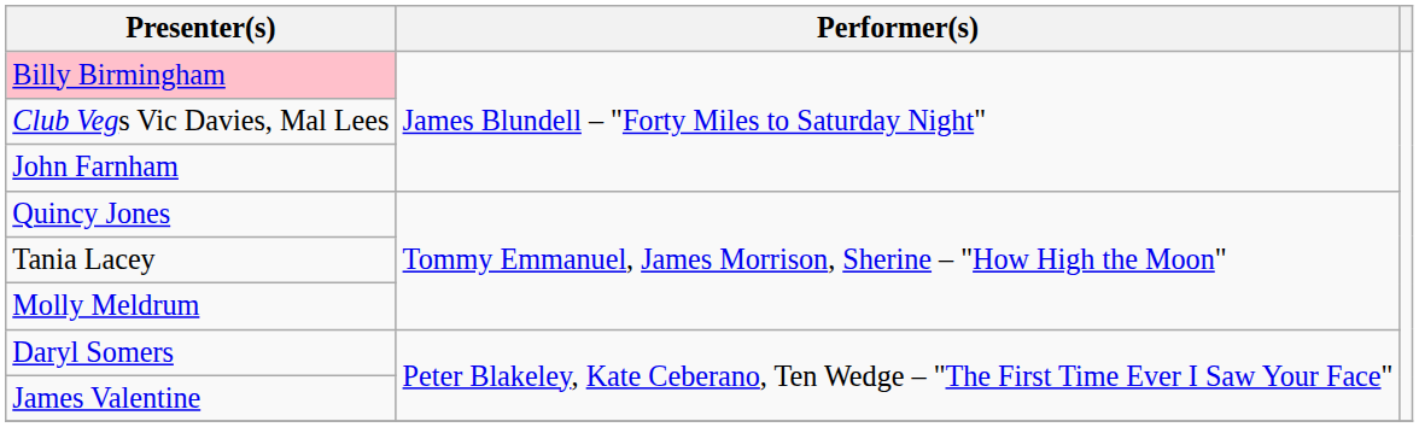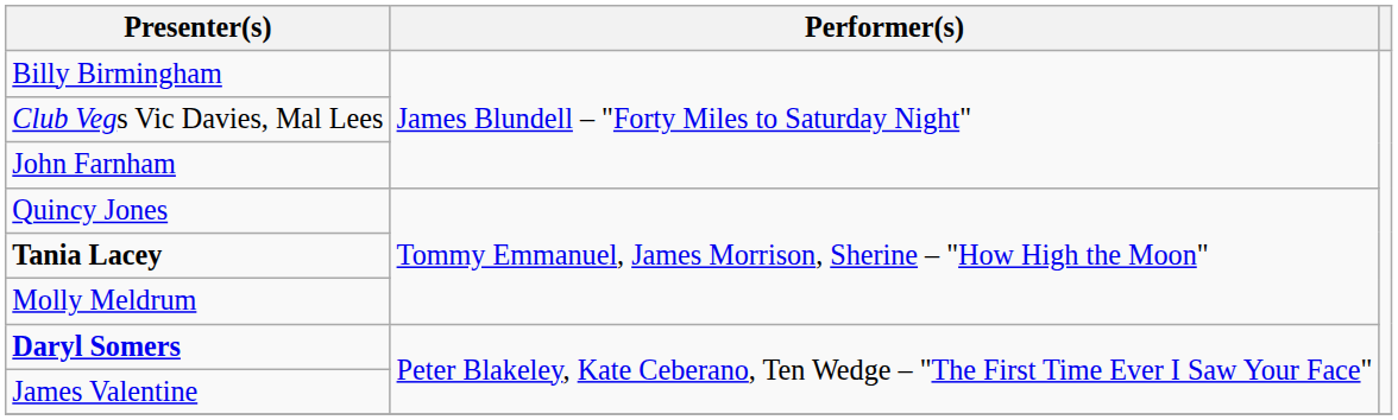 <table class="wikitable plainrowheaders">
 <tr>
 <th scope="col">Presenter(s)</th>
 <th scope="col">Performer(s)</th>
 <th scope="col"></th>
 </tr>
 <tr>
-<td style="background: pink;"><a href='#'>Billy Birmingham</a></td>
+<td><a href='#'>Billy Birmingham</a></td>
 <td rowspan="3"><a href='#'>James Blundell</a> – "<a href='#'>Forty Miles to Saturday Night</a>"</td>
 <td rowspan="8"></td>
 </tr>
 <tr>
 <td><em><a href='#'>Club Veg</a></em>s Vic Davies, Mal Lees</td>
 </tr>
 <tr>
 <td><a href='#'>John Farnham</a></td>
 </tr>
 <tr>
 <td><a href='#'>Quincy Jones</a></td>
 <td rowspan="3"><a href='#'>Tommy Emmanuel</a>, <a href='#'>James Morrison</a>, <a href='#'>Sherine</a> – "<a href='#'>How High the Moon</a>"</td>
 </tr>
 <tr>
-<td>Tania Lacey</td>
+<td><strong>Tania Lacey</strong></td>
 </tr>
 <tr>
 <td><a href='#'>Molly Meldrum</a></td>
 </tr>
 <tr>
-<td><a href='#'>Daryl Somers</a></td>
+<td><strong><a href='#'>Daryl Somers</a></strong></td>
 <td rowspan="2"><a href='#'>Peter Blakeley</a>, <a href='#'>Kate Ceberano</a>, Ten Wedge – "<a href='#'>The First Time Ever I Saw Your Face</a>"</td>
 </tr>
 <tr>
 <td><a href='#'>James Valentine</a></td>
 </tr>
 <tr>
 </tr>
 </table>
